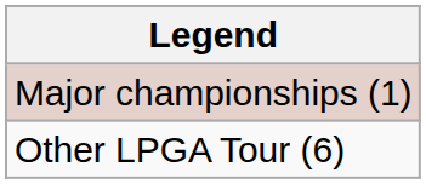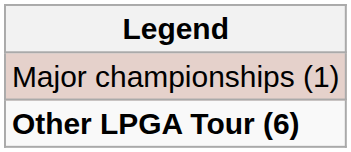 <table class="wikitable" style="font-size:95%;">
 <tr>
 <th>Legend</th>
 </tr>
 <tr style="background:#e5d1cb;">
 <td>Major championships (1)</td>
 </tr>
 <tr>
-<td>Other LPGA Tour (6)</td>
+<td><strong>Other LPGA Tour (6)</strong></td>
 </tr>
 </table>
